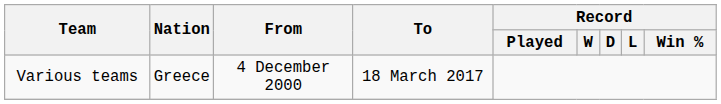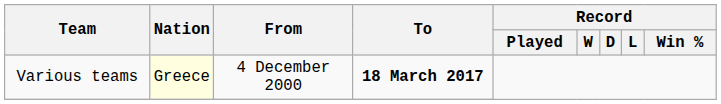 <table class="wikitable" style="text-align: center">
 <tr>
 <th rowspan="2" width="115">Team</th>
 <th rowspan="2" width="30">Nation</th>
 <th rowspan="2" width="110">From</th>
 <th rowspan="2" width="110">To</th>
 <th colspan="5" width="180">Record</th>
 </tr>
 <tr>
 <th>Played</th>
 <th>W</th>
 <th>D</th>
 <th>L</th>
 <th>Win %</th>
 </tr>
 <tr>
 <td align=center>Various teams</td>
-<td>Greece</td>
+<td style="background: lightyellow;">Greece</td>
 <td align=center>4 December 2000</td>
-<td align=center>18 March 2017<br></td>
+<td align=center><strong>18 March 2017<br></strong></td>
 </tr>
 <tr>
 </tr>
 </table>
